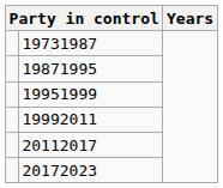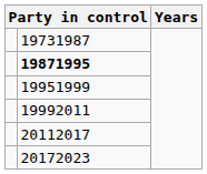 <table class="wikitable">
 <tr>
 <th colspan="2">Party in control</th>
 <th>Years</th>
 </tr>
 <tr>
 <td></td>
 <td>19731987</td>
 </tr>
 <tr>
 <td></td>
-<td>19871995</td>
+<td><strong>19871995</strong></td>
 </tr>
 <tr>
 <td></td>
 <td>19951999</td>
 </tr>
 <tr>
 <td></td>
 <td>19992011</td>
 </tr>
 <tr>
 <td></td>
 <td>20112017</td>
 </tr>
 <tr>
 <td></td>
 <td>20172023</td>
 </tr>
 </table>
